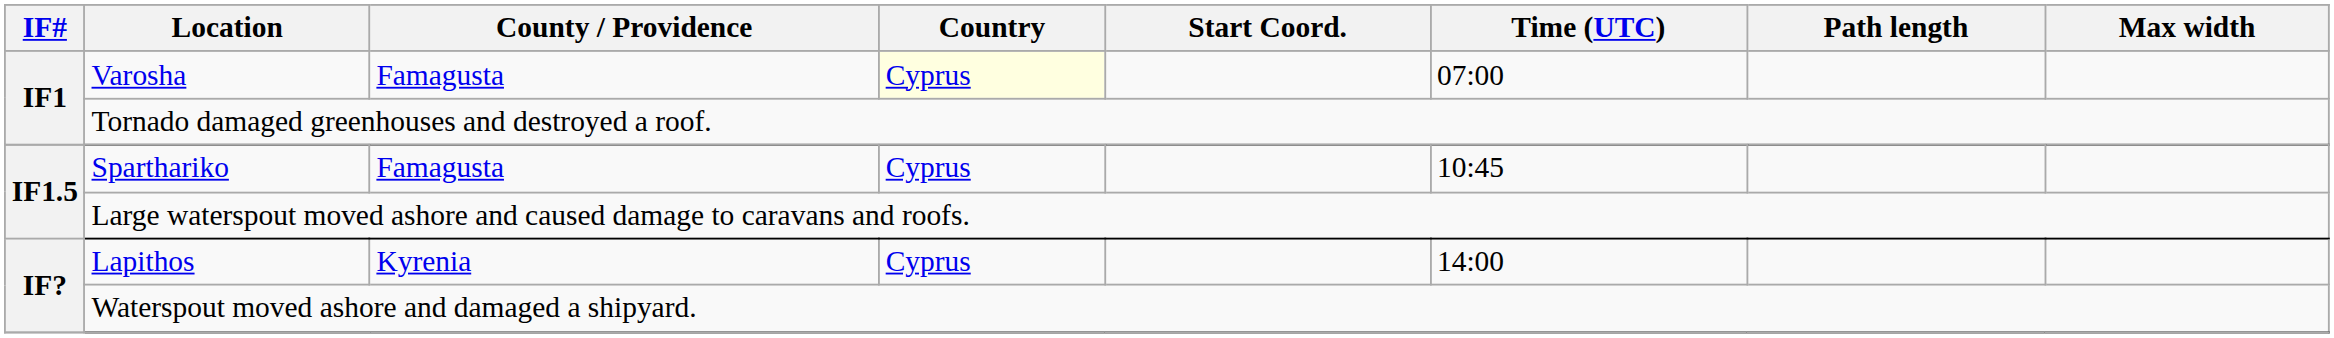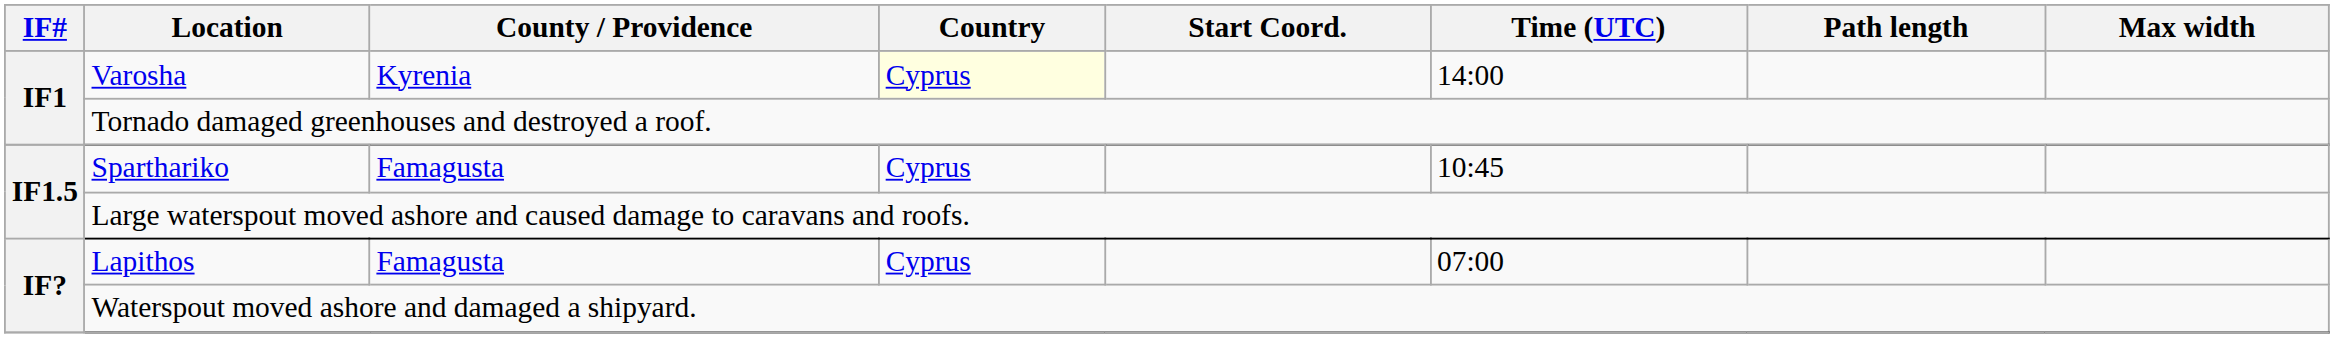 <table class="wikitable sortable" style="width:100%;">
 <tr>
 <th scope="col" width="2%" align="center"><a href='#'>IF#</a></th>
 <th scope="col" align="center" class="unsortable">Location</th>
 <th scope="col" align="center" class="unsortable">County / Providence</th>
 <th scope="col" align="center">Country</th>
 <th scope="col" align="center">Start Coord.</th>
 <th scope="col" align="center">Time (<a href='#'>UTC</a>)</th>
 <th scope="col" align="center">Path length</th>
 <th scope="col" align="center">Max width</th>
 </tr>
 <tr>
 <th scope="row" rowspan="2" style="background-color:#">IF1</th>
 <td><a href='#'>Varosha</a></td>
-<td><a href='#'>Famagusta</a></td>
+<td><a href='#'>Kyrenia</a></td>
 <td style="background: lightyellow;"><a href='#'>Cyprus</a></td>
 <td></td>
-<td>07:00</td>
+<td>14:00</td>
 <td></td>
 <td></td>
 </tr>
 <tr class="expand-child">
 <td colspan="8" style=" border-bottom: 1px solid black;">Tornado damaged greenhouses and destroyed a roof.</td>
 </tr>
 <tr>
 </tr>
 <tr>
 <th scope="row" rowspan="2" style="background-color:#">IF1.5</th>
 <td><a href='#'>Sparthariko</a></td>
 <td><a href='#'>Famagusta</a></td>
 <td><a href='#'>Cyprus</a></td>
 <td></td>
 <td>10:45</td>
 <td></td>
 <td></td>
 </tr>
 <tr class="expand-child">
 <td colspan="8" style=" border-bottom: 1px solid black;">Large waterspout moved ashore and caused damage to caravans and roofs.</td>
 </tr>
 <tr>
 <th scope="row" rowspan="2" style="background-color:#">IF?</th>
 <td><a href='#'>Lapithos</a></td>
-<td><a href='#'>Kyrenia</a></td>
+<td><a href='#'>Famagusta</a></td>
 <td><a href='#'>Cyprus</a></td>
 <td></td>
-<td>14:00</td>
+<td>07:00</td>
 <td></td>
 <td></td>
 </tr>
 <tr class="expand-child">
 <td colspan="8" style=" border-bottom: 1px solid black;">Waterspout moved ashore and damaged a shipyard.</td>
 </tr>
 <tr>
 </tr>
 </table>
